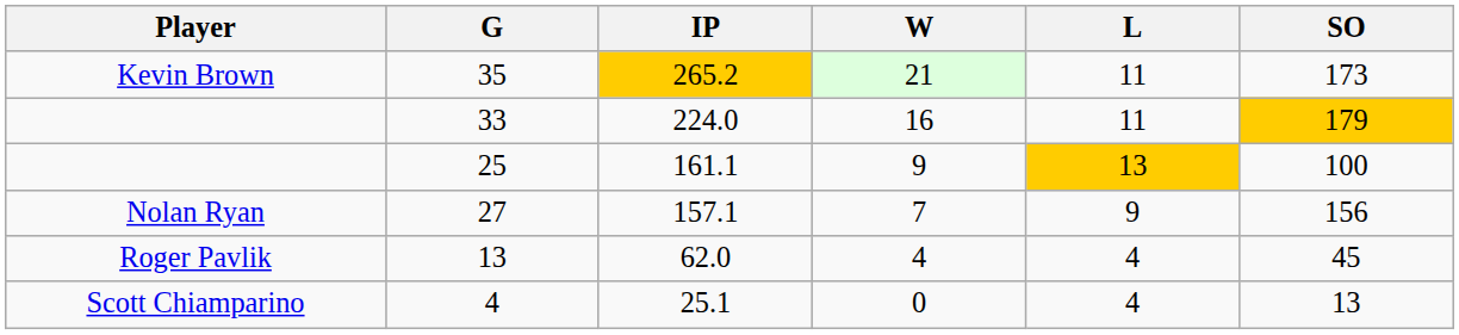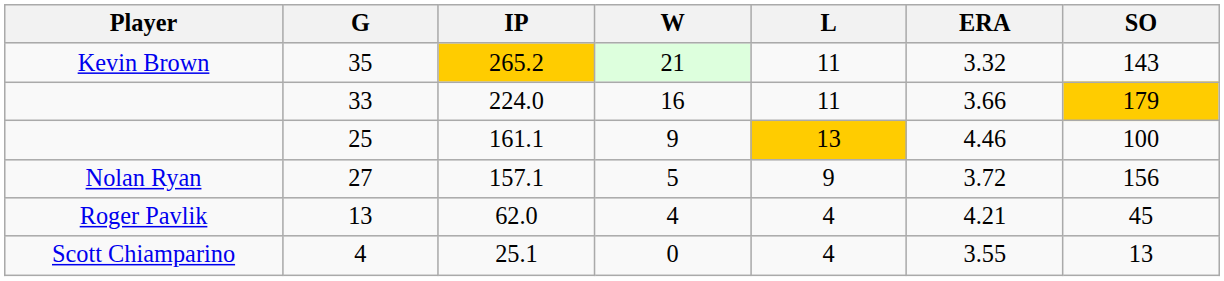 <table class="wikitable sortable">
 <tr>
 <th bgcolor="#DDDDFF" width="16%">Player</th>
 <th bgcolor="#DDDDFF" width="9%">G</th>
 <th bgcolor="#DDDDFF" width="9%">IP</th>
 <th bgcolor="#DDDDFF" width="9%">W</th>
 <th bgcolor="#DDDDFF" width="9%">L</th>
+<th bgcolor="#DDDDFF" width="9%">ERA</th>
 <th bgcolor="#DDDDFF" width="9%">SO</th>
 </tr>
 <tr align="center">
 <td><a href='#'>Kevin Brown</a></td>
 <td>35</td>
 <td style="background:#fc0;">265.2</td>
 <td style="background:#DDFFDD;">21</td>
 <td>11</td>
-<td>173</td>
+<td>3.32</td>
+<td>143</td>
 </tr>
 <tr align=center>
 <td></td>
 <td>33</td>
 <td>224.0</td>
 <td>16</td>
 <td>11</td>
+<td>3.66</td>
 <td style="background:#fc0;">179</td>
 </tr>
 <tr align="center">
 <td></td>
 <td>25</td>
 <td>161.1</td>
 <td>9</td>
 <td style="background:#fc0;">13</td>
+<td>4.46</td>
 <td>100</td>
 </tr>
 <tr align="center">
 <td><a href='#'>Nolan Ryan</a></td>
 <td>27</td>
 <td>157.1</td>
-<td>7</td>
+<td>5</td>
 <td>9</td>
+<td>3.72</td>
 <td>156</td>
 </tr>
 <tr align=center>
 <td><a href='#'>Roger Pavlik</a></td>
 <td>13</td>
 <td>62.0</td>
 <td>4</td>
 <td>4</td>
+<td>4.21</td>
 <td>45</td>
 </tr>
 <tr align=center>
 <td><a href='#'>Scott Chiamparino</a></td>
 <td>4</td>
 <td>25.1</td>
 <td>0</td>
 <td>4</td>
+<td>3.55</td>
 <td>13</td>
 </tr>
 </table>
